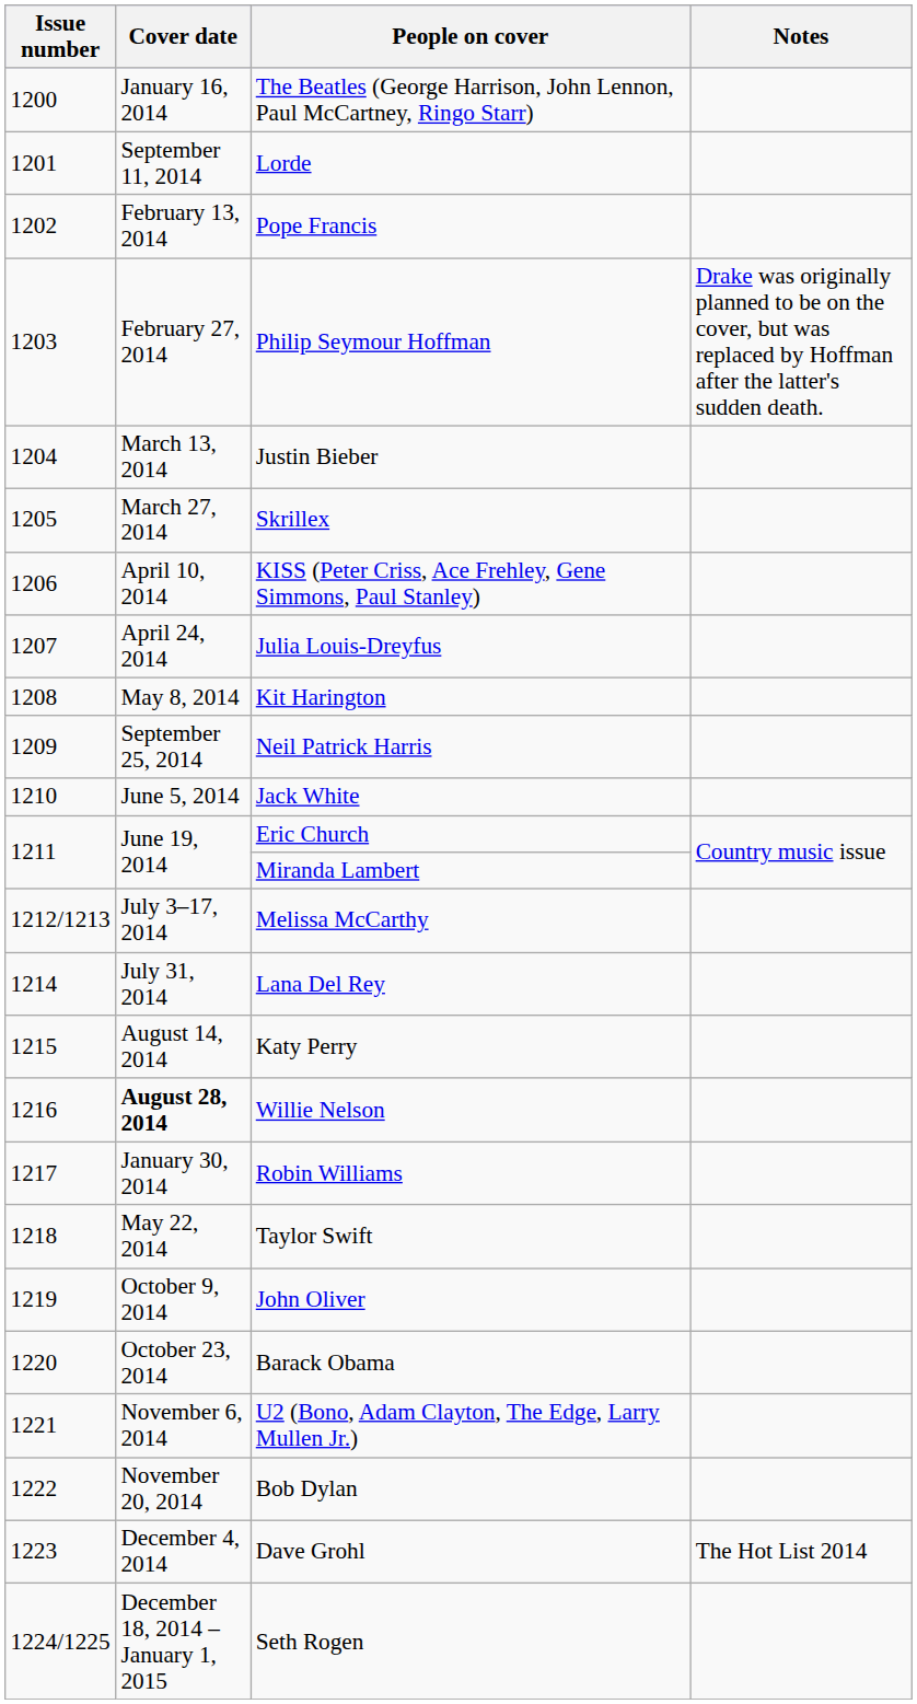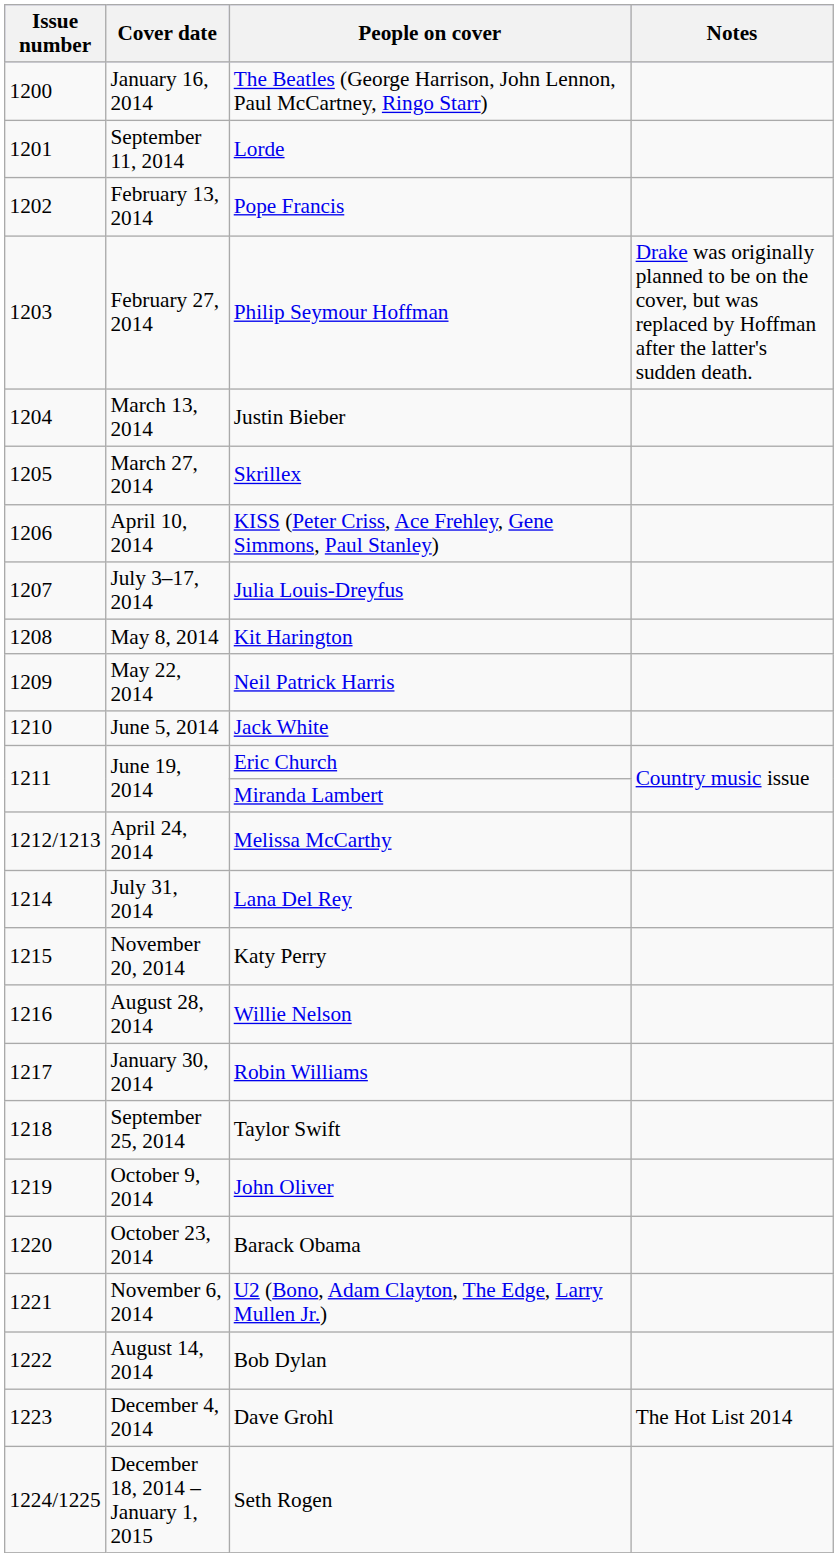 <table class="wikitable sortable" style="margin:auto;width:100%;">
 <tr style="background:#ccf;">
 <th style="width:10%;">Issue number</th>
 <th style="width:15%;">Cover date</th>
 <th style="width:50%;">People on cover</th>
 <th style="width:25%;">Notes</th>
 </tr>
 <tr>
 <td>1200</td>
 <td>January 16, 2014</td>
 <td><a href='#'>The Beatles</a> (George Harrison, John Lennon, Paul McCartney, <a href='#'>Ringo Starr</a>)</td>
 <td></td>
 </tr>
 <tr>
 <td>1201</td>
 <td>September 11, 2014</td>
 <td><a href='#'>Lorde</a></td>
 <td></td>
 </tr>
 <tr>
 <td>1202</td>
 <td>February 13, 2014</td>
 <td><a href='#'>Pope Francis</a></td>
 <td></td>
 </tr>
 <tr>
 <td>1203</td>
 <td>February 27, 2014</td>
 <td><a href='#'>Philip Seymour Hoffman</a></td>
 <td><a href='#'>Drake</a> was originally planned to be on the cover, but was replaced by Hoffman after the latter's sudden death.</td>
 </tr>
 <tr>
 <td>1204</td>
 <td>March 13, 2014</td>
 <td>Justin Bieber</td>
 <td></td>
 </tr>
 <tr>
 <td>1205</td>
 <td>March 27, 2014</td>
 <td><a href='#'>Skrillex</a></td>
 <td></td>
 </tr>
 <tr>
 <td>1206</td>
 <td>April 10, 2014</td>
 <td><a href='#'>KISS</a> (<a href='#'>Peter Criss</a>, <a href='#'>Ace Frehley</a>, <a href='#'>Gene Simmons</a>, <a href='#'>Paul Stanley</a>)</td>
 <td></td>
 </tr>
 <tr>
 <td>1207</td>
-<td>April 24, 2014</td>
+<td>July 3–17, 2014</td>
 <td><a href='#'>Julia Louis-Dreyfus</a></td>
 <td></td>
 </tr>
 <tr>
 <td>1208</td>
 <td>May 8, 2014</td>
 <td><a href='#'>Kit Harington</a></td>
 <td></td>
 </tr>
 <tr>
 <td>1209</td>
-<td>September 25, 2014</td>
+<td>May 22, 2014</td>
 <td><a href='#'>Neil Patrick Harris</a></td>
 <td></td>
 </tr>
 <tr>
 <td>1210</td>
 <td>June 5, 2014</td>
 <td><a href='#'>Jack White</a></td>
 <td></td>
 </tr>
 <tr>
 <td rowspan="2">1211</td>
 <td rowspan="2">June 19, 2014</td>
 <td><a href='#'>Eric Church</a></td>
 <td rowspan="2"><a href='#'>Country music</a> issue</td>
 </tr>
 <tr>
 <td><a href='#'>Miranda Lambert</a></td>
 </tr>
 <tr>
 <td>1212/1213</td>
-<td>July 3–17, 2014</td>
+<td>April 24, 2014</td>
 <td><a href='#'>Melissa McCarthy</a></td>
 <td></td>
 </tr>
 <tr>
 <td>1214</td>
 <td>July 31, 2014</td>
 <td><a href='#'>Lana Del Rey</a></td>
 <td></td>
 </tr>
 <tr>
 <td>1215</td>
-<td>August 14, 2014</td>
+<td>November 20, 2014</td>
 <td>Katy Perry</td>
 <td></td>
 </tr>
 <tr>
 <td>1216</td>
-<td><strong>August 28, 2014</strong></td>
+<td>August 28, 2014</td>
 <td><a href='#'>Willie Nelson</a></td>
 <td></td>
 </tr>
 <tr>
 <td>1217</td>
 <td>January 30, 2014</td>
 <td><a href='#'>Robin Williams</a></td>
 <td></td>
 </tr>
 <tr>
 <td>1218</td>
-<td>May 22, 2014</td>
+<td>September 25, 2014</td>
 <td>Taylor Swift</td>
 <td></td>
 </tr>
 <tr>
 <td>1219</td>
 <td>October 9, 2014</td>
 <td><a href='#'>John Oliver</a></td>
 <td></td>
 </tr>
 <tr>
 <td>1220</td>
 <td>October 23, 2014</td>
 <td>Barack Obama</td>
 <td></td>
 </tr>
 <tr>
 <td>1221</td>
 <td>November 6, 2014</td>
 <td><a href='#'>U2</a> (<a href='#'>Bono</a>, <a href='#'>Adam Clayton</a>, <a href='#'>The Edge</a>, <a href='#'>Larry Mullen Jr.</a>)</td>
 <td></td>
 </tr>
 <tr>
 <td>1222</td>
-<td>November 20, 2014</td>
+<td>August 14, 2014</td>
 <td>Bob Dylan</td>
 <td></td>
 </tr>
 <tr>
 <td>1223</td>
 <td>December 4, 2014</td>
 <td>Dave Grohl</td>
 <td>The Hot List 2014</td>
 </tr>
 <tr>
 <td>1224/1225</td>
 <td>December 18, 2014 – January 1, 2015</td>
 <td>Seth Rogen</td>
 <td></td>
 </tr>
 </table>
